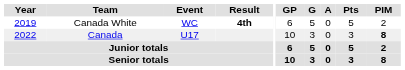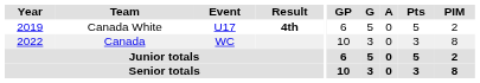 <table border="0" cellpadding="1" cellspacing="0" ID="Table3" style="text-align:center; width:40em;">
 <tr bgcolor="#e0e0e0">
 <th>Year</th>
 <th>Team</th>
 <th>Event</th>
 <th>Result</th>
 <th rowspan="99" bgcolor="#ffffff"></th>
 <th>GP</th>
 <th>G</th>
 <th>A</th>
 <th>Pts</th>
 <th>PIM</th>
 </tr>
 <tr>
 <td><a href='#'>2019</a></td>
 <td>Canada White</td>
-<td><a href='#'>WC</a></td>
+<td><a href='#'>U17</a></td>
 <td><strong>4th</strong></td>
 <td>6</td>
 <td>5</td>
 <td>0</td>
 <td>5</td>
 <td>2</td>
 </tr>
 <tr bgcolor="#f0f0f0">
 <td><a href='#'>2022</a></td>
 <td><a href='#'>Canada</a></td>
-<td><a href='#'>U17</a></td>
+<td><a href='#'>WC</a></td>
 <td></td>
 <td>10</td>
 <td>3</td>
 <td>0</td>
 <td>3</td>
-<td><strong>8</strong></td>
+<td>8</td>
 </tr>
 <tr bgcolor="#e0e0e0">
 <th colspan="4">Junior totals</th>
 <th>6</th>
 <th>5</th>
 <th>0</th>
 <th>5</th>
 <th>2</th>
 </tr>
 <tr bgcolor="#e0e0e0">
 <th colspan="4">Senior totals</th>
 <th>10</th>
 <th>3</th>
 <th>0</th>
 <th>3</th>
 <th>8</th>
 </tr>
 </table>
